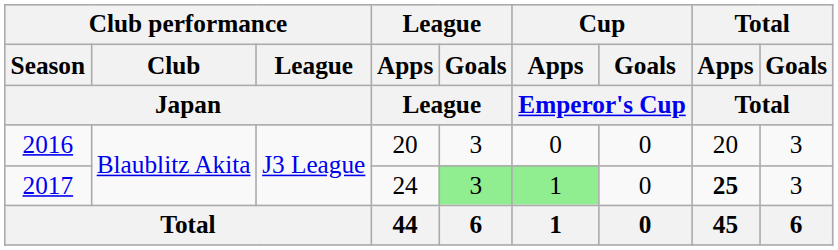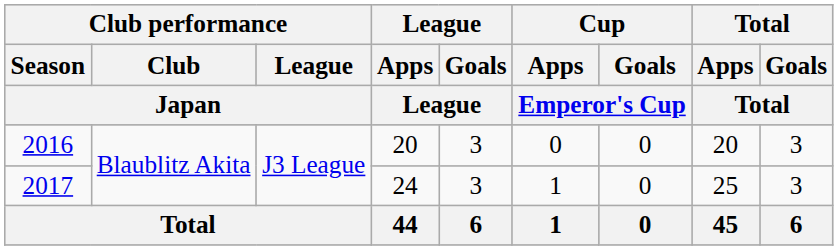 <table class="wikitable" style="text-align:center;">
 <tr>
 <th colspan=3>Club performance</th>
 <th colspan=2>League</th>
 <th colspan=2>Cup</th>
 <th colspan=2>Total</th>
 </tr>
 <tr>
 <th>Season</th>
 <th>Club</th>
 <th>League</th>
 <th>Apps</th>
 <th>Goals</th>
 <th>Apps</th>
 <th>Goals</th>
 <th>Apps</th>
 <th>Goals</th>
 </tr>
 <tr>
 <th colspan=3>Japan</th>
 <th colspan=2>League</th>
 <th colspan=2><a href='#'>Emperor's Cup</a></th>
 <th colspan=2>Total</th>
 </tr>
 <tr>
 <td><a href='#'>2016</a></td>
 <td rowspan="2"><a href='#'>Blaublitz Akita</a></td>
 <td rowspan="2"><a href='#'>J3 League</a></td>
 <td>20</td>
 <td>3</td>
 <td>0</td>
 <td>0</td>
 <td>20</td>
 <td>3</td>
 </tr>
 <tr>
 <td><a href='#'>2017</a></td>
 <td>24</td>
-<td style="background: lightgreen;">3</td>
-<td style="background: lightgreen;">1</td>
+<td>3</td>
+<td>1</td>
 <td>0</td>
-<td><strong>25</strong></td>
+<td>25</td>
 <td>3</td>
 </tr>
 <tr>
 <th colspan=3>Total</th>
 <th>44</th>
 <th>6</th>
 <th>1</th>
 <th>0</th>
 <th>45</th>
 <th>6</th>
 </tr>
 </table>
